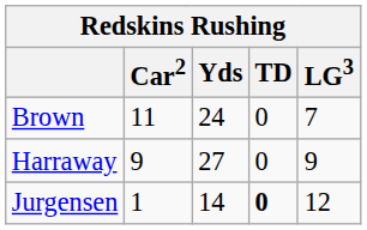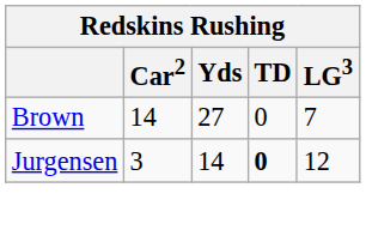 <table class="wikitable">
 <tr>
 <th colspan="5">Redskins Rushing</th>
 </tr>
 <tr>
 <th></th>
 <th>Car<sup>2</sup></th>
 <th>Yds</th>
 <th>TD</th>
 <th>LG<sup>3</sup></th>
 </tr>
 <tr>
 <td><a href='#'>Brown</a></td>
-<td>11</td>
-<td>24</td>
+<td>14</td>
+<td>27</td>
 <td>0</td>
 <td>7</td>
 </tr>
 <tr>
-<td><a href='#'>Harraway</a></td>
-<td>9</td>
-<td>27</td>
-<td>0</td>
-<td>9</td>
-</tr>
-<tr>
 <td><a href='#'>Jurgensen</a></td>
-<td>1</td>
+<td>3</td>
 <td>14</td>
 <td><strong>0</strong></td>
 <td>12</td>
 </tr>
 </table>
